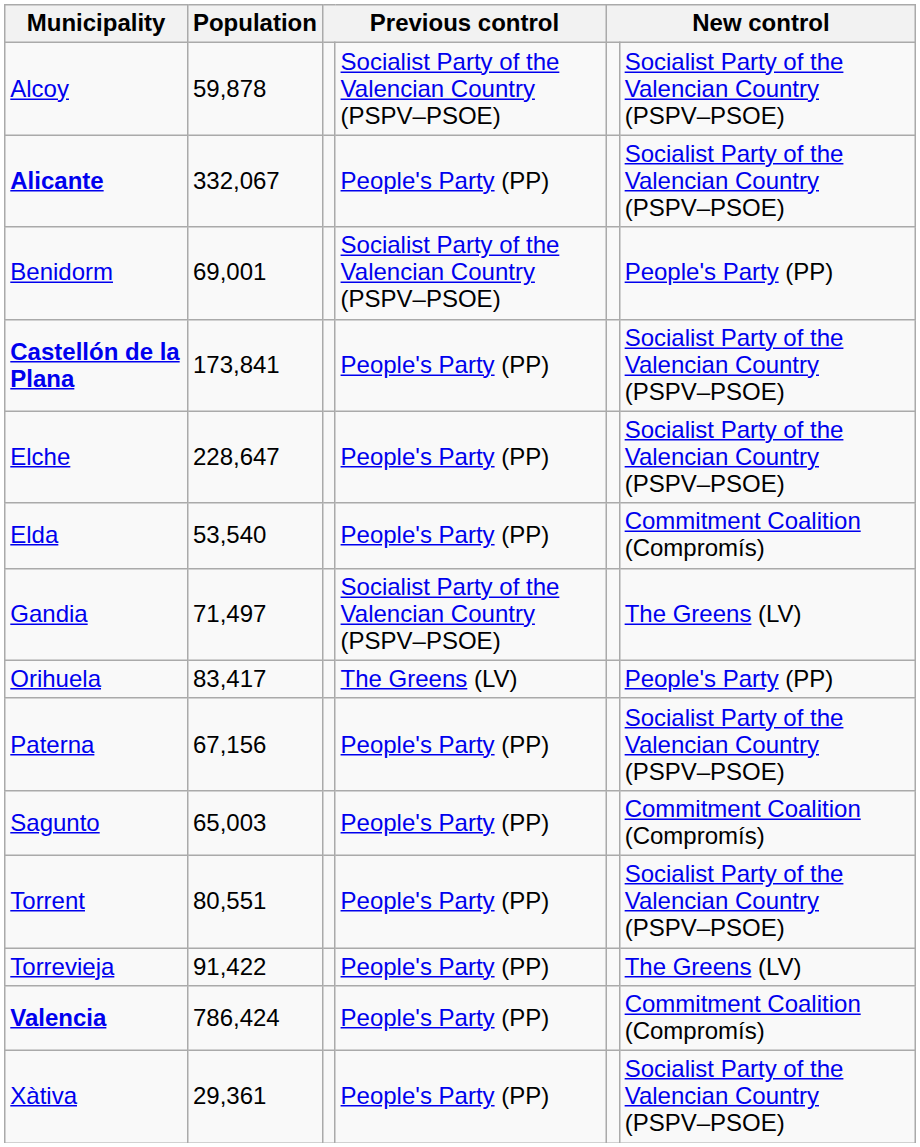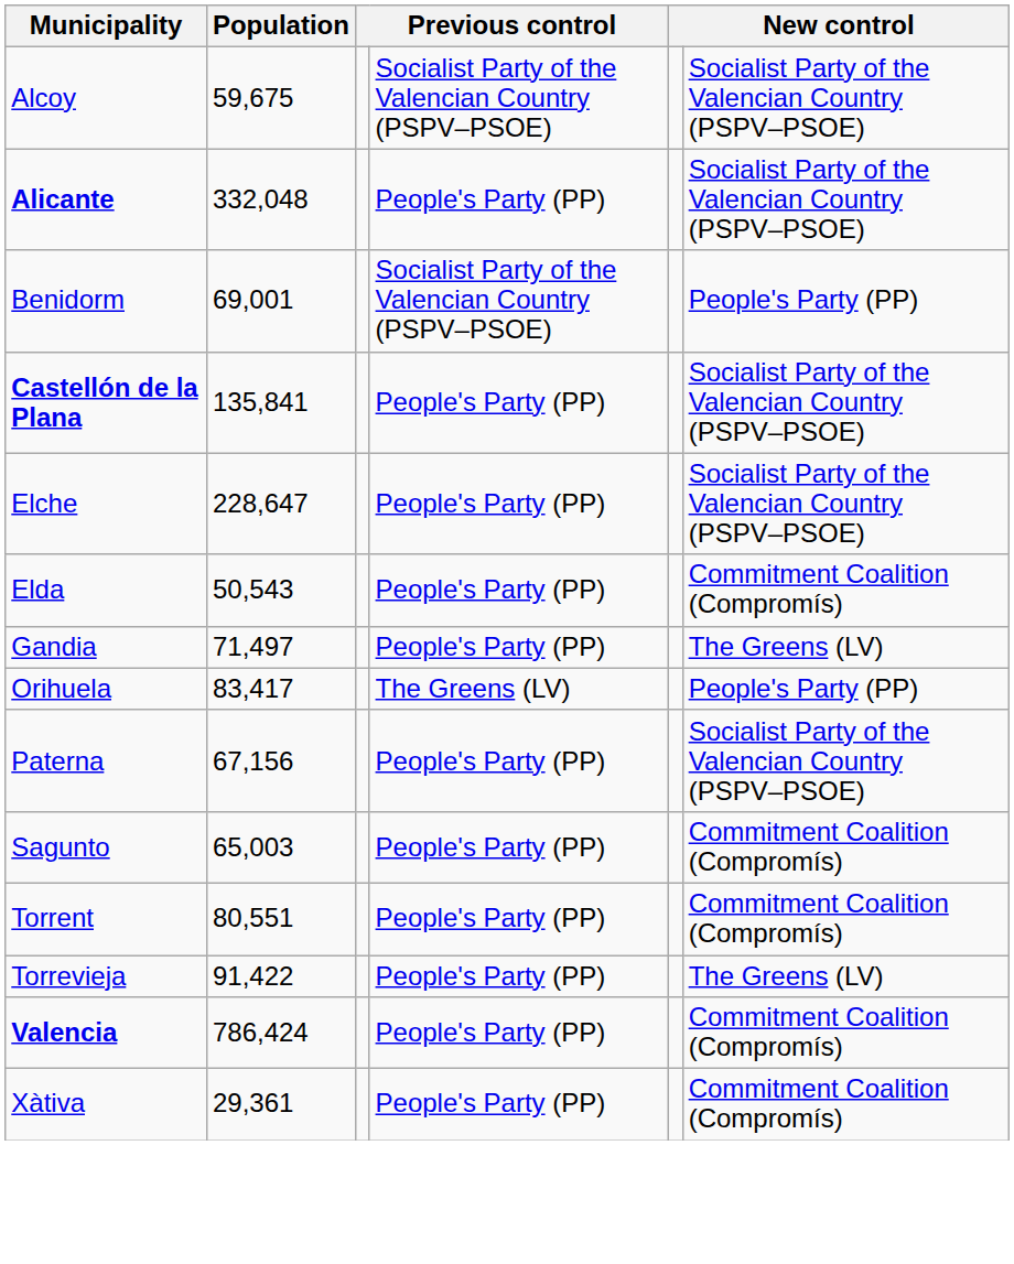 <table class="wikitable sortable">
 <tr>
 <th>Municipality</th>
 <th>Population</th>
 <th colspan="2" style="width:375px;">Previous control</th>
 <th colspan="2" style="width:375px;">New control</th>
 </tr>
 <tr>
 <td><a href='#'>Alcoy</a></td>
-<td>59,878</td>
+<td>59,675</td>
 <td width="1" style="color:inherit;background:"></td>
 <td><a href='#'>Socialist Party of the Valencian Country</a> (PSPV–PSOE)</td>
 <td width="1" style="color:inherit;background:"></td>
 <td><a href='#'>Socialist Party of the Valencian Country</a> (PSPV–PSOE)</td>
 </tr>
 <tr>
 <td><strong><a href='#'>Alicante</a></strong></td>
-<td>332,067</td>
+<td>332,048</td>
 <td style="color:inherit;background:"></td>
 <td><a href='#'>People's Party</a> (PP)</td>
 <td style="color:inherit;background:"></td>
 <td><a href='#'>Socialist Party of the Valencian Country</a> (PSPV–PSOE) </td>
 </tr>
 <tr>
 <td><a href='#'>Benidorm</a></td>
 <td>69,001</td>
 <td style="color:inherit;background:"></td>
 <td><a href='#'>Socialist Party of the Valencian Country</a> (PSPV–PSOE)</td>
 <td style="color:inherit;background:"></td>
 <td><a href='#'>People's Party</a> (PP)</td>
 </tr>
 <tr>
 <td><strong><a href='#'>Castellón de la Plana</a></strong></td>
-<td>173,841</td>
+<td>135,841</td>
 <td style="color:inherit;background:"></td>
 <td><a href='#'>People's Party</a> (PP)</td>
 <td style="color:inherit;background:"></td>
 <td><a href='#'>Socialist Party of the Valencian Country</a> (PSPV–PSOE)</td>
 </tr>
 <tr>
 <td><a href='#'>Elche</a></td>
 <td>228,647</td>
 <td style="color:inherit;background:"></td>
 <td><a href='#'>People's Party</a> (PP)</td>
 <td style="color:inherit;background:"></td>
 <td><a href='#'>Socialist Party of the Valencian Country</a> (PSPV–PSOE)</td>
 </tr>
 <tr>
 <td><a href='#'>Elda</a></td>
-<td>53,540</td>
+<td>50,543</td>
 <td style="color:inherit;background:"></td>
 <td><a href='#'>People's Party</a> (PP)</td>
 <td style="color:inherit;background:"></td>
 <td><a href='#'>Commitment Coalition</a> (Compromís)</td>
 </tr>
 <tr>
 <td><a href='#'>Gandia</a></td>
 <td>71,497</td>
 <td style="color:inherit;background:"></td>
-<td><a href='#'>Socialist Party of the Valencian Country</a> (PSPV–PSOE)</td>
+<td><a href='#'>People's Party</a> (PP)</td>
 <td style="color:inherit;background:"></td>
 <td><a href='#'>The Greens</a> (LV)</td>
 </tr>
 <tr>
 <td><a href='#'>Orihuela</a></td>
 <td>83,417</td>
 <td style="color:inherit;background:"></td>
 <td><a href='#'>The Greens</a> (LV)</td>
 <td style="color:inherit;background:"></td>
 <td><a href='#'>People's Party</a> (PP)</td>
 </tr>
 <tr>
 <td><a href='#'>Paterna</a></td>
 <td>67,156</td>
 <td style="color:inherit;background:"></td>
 <td><a href='#'>People's Party</a> (PP)</td>
 <td style="color:inherit;background:"></td>
 <td><a href='#'>Socialist Party of the Valencian Country</a> (PSPV–PSOE)</td>
 </tr>
 <tr>
 <td><a href='#'>Sagunto</a></td>
 <td>65,003</td>
 <td style="color:inherit;background:"></td>
 <td><a href='#'>People's Party</a> (PP)</td>
 <td style="color:inherit;background:"></td>
 <td><a href='#'>Commitment Coalition</a> (Compromís)</td>
 </tr>
 <tr>
 <td><a href='#'>Torrent</a></td>
 <td>80,551</td>
 <td style="color:inherit;background:"></td>
 <td><a href='#'>People's Party</a> (PP)</td>
 <td style="color:inherit;background:"></td>
-<td><a href='#'>Socialist Party of the Valencian Country</a> (PSPV–PSOE)</td>
+<td><a href='#'>Commitment Coalition</a> (Compromís)</td>
 </tr>
 <tr>
 <td><a href='#'>Torrevieja</a></td>
 <td>91,422</td>
 <td style="color:inherit;background:"></td>
 <td><a href='#'>People's Party</a> (PP)</td>
 <td style="color:inherit;background:"></td>
 <td><a href='#'>The Greens</a> (LV)</td>
 </tr>
 <tr>
 <td><strong><a href='#'>Valencia</a></strong></td>
 <td>786,424</td>
 <td style="color:inherit;background:"></td>
 <td><a href='#'>People's Party</a> (PP)</td>
 <td style="color:inherit;background:"></td>
 <td><a href='#'>Commitment Coalition</a> (Compromís)</td>
 </tr>
 <tr>
 <td><a href='#'>Xàtiva</a></td>
 <td>29,361</td>
 <td style="color:inherit;background:"></td>
 <td><a href='#'>People's Party</a> (PP)</td>
 <td style="color:inherit;background:"></td>
-<td><a href='#'>Socialist Party of the Valencian Country</a> (PSPV–PSOE)</td>
+<td><a href='#'>Commitment Coalition</a> (Compromís)</td>
 </tr>
 </table>
